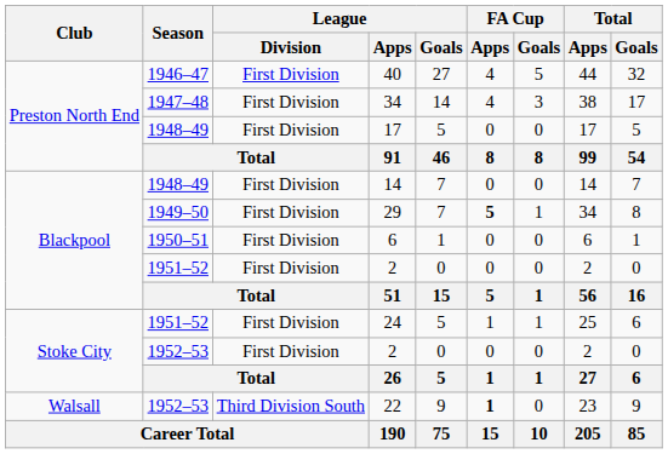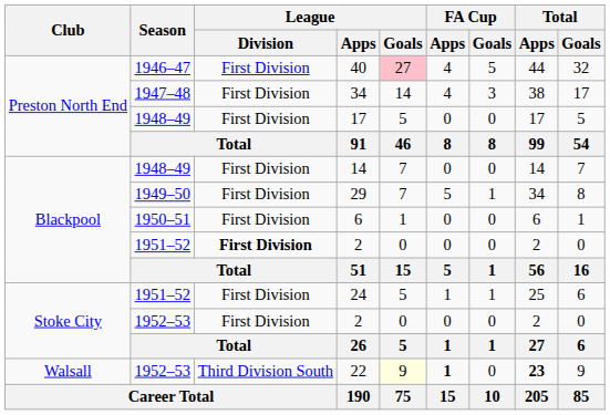 <table class="wikitable" style="text-align: center;">
 <tr>
 <th rowspan="2">Club</th>
 <th rowspan="2">Season</th>
 <th colspan="3">League</th>
 <th colspan="2">FA Cup</th>
 <th colspan="2">Total</th>
 </tr>
 <tr>
 <th>Division</th>
 <th>Apps</th>
 <th>Goals</th>
 <th>Apps</th>
 <th>Goals</th>
 <th>Apps</th>
 <th>Goals</th>
 </tr>
 <tr>
 <td rowspan="4"><a href='#'>Preston North End</a></td>
 <td><a href='#'>1946–47</a></td>
 <td><a href='#'>First Division</a></td>
 <td>40</td>
-<td>27</td>
+<td style="background: pink;">27</td>
 <td>4</td>
 <td>5</td>
 <td>44</td>
 <td>32</td>
 </tr>
 <tr>
 <td><a href='#'>1947–48</a></td>
 <td>First Division</td>
 <td>34</td>
 <td>14</td>
 <td>4</td>
 <td>3</td>
 <td>38</td>
 <td>17</td>
 </tr>
 <tr>
 <td><a href='#'>1948–49</a></td>
 <td>First Division</td>
 <td>17</td>
 <td>5</td>
 <td>0</td>
 <td>0</td>
 <td>17</td>
 <td>5</td>
 </tr>
 <tr>
 <th colspan=2>Total</th>
 <th>91</th>
 <th>46</th>
 <th>8</th>
 <th>8</th>
 <th>99</th>
 <th>54</th>
 </tr>
 <tr>
 <td rowspan="5"><a href='#'>Blackpool</a></td>
 <td><a href='#'>1948–49</a></td>
 <td>First Division</td>
 <td>14</td>
 <td>7</td>
 <td>0</td>
 <td>0</td>
 <td>14</td>
 <td>7</td>
 </tr>
 <tr>
 <td><a href='#'>1949–50</a></td>
 <td>First Division</td>
 <td>29</td>
 <td>7</td>
-<td><strong>5</strong></td>
+<td>5</td>
 <td>1</td>
 <td>34</td>
 <td>8</td>
 </tr>
 <tr>
 <td><a href='#'>1950–51</a></td>
 <td>First Division</td>
 <td>6</td>
 <td>1</td>
 <td>0</td>
 <td>0</td>
 <td>6</td>
 <td>1</td>
 </tr>
 <tr>
 <td><a href='#'>1951–52</a></td>
-<td>First Division</td>
+<td><strong>First Division</strong></td>
 <td>2</td>
 <td>0</td>
 <td>0</td>
 <td>0</td>
 <td>2</td>
 <td>0</td>
 </tr>
 <tr>
 <th colspan=2>Total</th>
 <th>51</th>
 <th>15</th>
 <th>5</th>
 <th>1</th>
 <th>56</th>
 <th>16</th>
 </tr>
 <tr>
 <td rowspan="3"><a href='#'>Stoke City</a></td>
 <td><a href='#'>1951–52</a></td>
 <td>First Division</td>
 <td>24</td>
 <td>5</td>
 <td>1</td>
 <td>1</td>
 <td>25</td>
 <td>6</td>
 </tr>
 <tr>
 <td><a href='#'>1952–53</a></td>
 <td>First Division</td>
 <td>2</td>
 <td>0</td>
 <td>0</td>
 <td>0</td>
 <td>2</td>
 <td>0</td>
 </tr>
 <tr>
 <th colspan=2>Total</th>
 <th>26</th>
 <th>5</th>
 <th>1</th>
 <th>1</th>
 <th>27</th>
 <th>6</th>
 </tr>
 <tr>
 <td><a href='#'>Walsall</a></td>
 <td><a href='#'>1952–53</a></td>
 <td><a href='#'>Third Division South</a></td>
 <td>22</td>
-<td>9</td>
+<td style="background: lightyellow;">9</td>
 <td><strong>1</strong></td>
 <td>0</td>
-<td>23</td>
+<td><strong>23</strong></td>
 <td>9</td>
 </tr>
 <tr>
 <th colspan="3">Career Total</th>
 <th>190</th>
 <th>75</th>
 <th>15</th>
 <th>10</th>
 <th>205</th>
 <th>85</th>
 </tr>
 </table>
